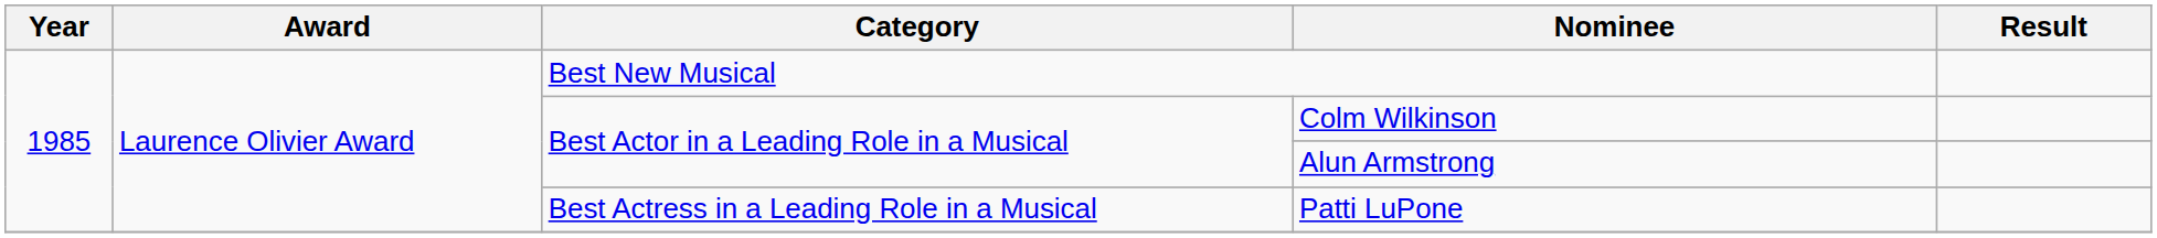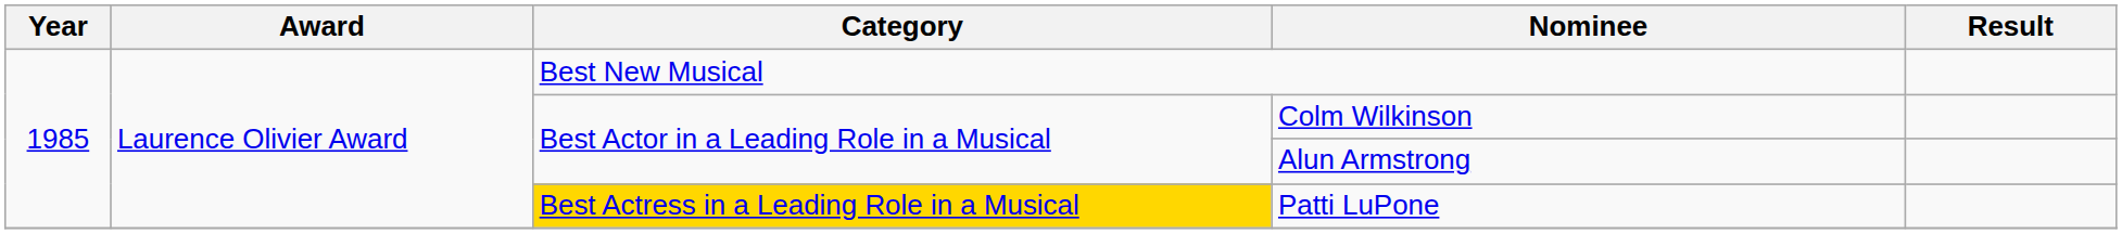 <table class="wikitable" style="width:95%;">
 <tr>
 <th style="width:5%;">Year</th>
 <th style="width:20%;">Award</th>
 <th style="width:35%;">Category</th>
 <th style="width:30%;">Nominee</th>
 <th style="width:10%;">Result</th>
 </tr>
 <tr>
 <td rowspan="4" style="text-align:center;"><a href='#'>1985</a></td>
 <td rowspan="4"><a href='#'>Laurence Olivier Award</a></td>
 <td colspan="2"><a href='#'>Best New Musical</a></td>
 <td></td>
 </tr>
 <tr>
 <td rowspan="2"><a href='#'>Best Actor in a Leading Role in a Musical</a></td>
 <td><a href='#'>Colm Wilkinson</a></td>
 <td></td>
 </tr>
 <tr>
 <td><a href='#'>Alun Armstrong</a></td>
 <td></td>
 </tr>
 <tr>
-<td><a href='#'>Best Actress in a Leading Role in a Musical</a></td>
+<td style="background: gold;"><a href='#'>Best Actress in a Leading Role in a Musical</a></td>
 <td><a href='#'>Patti LuPone</a></td>
 <td></td>
 </tr>
 <tr>
 </tr>
 </table>
